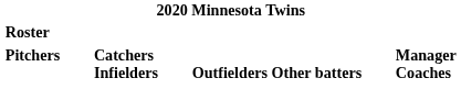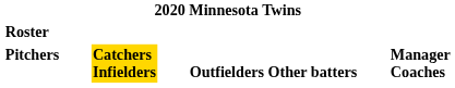 <table class="toccolours" style="font-size: 95%;">
 <tr>
 <th colspan="10">2020 Minnesota Twins</th>
 </tr>
 <tr>
 <td colspan="10"><strong>Roster</strong></td>
 </tr>
 <tr>
 <td valign="top"><strong>Pitchers</strong><br>                      </td>
 <td style="width:25px;"></td>
-<td valign="top"><strong>Catchers</strong><br>    <strong>Infielders</strong>        </td>
+<td valign="top" style="background: gold;"><strong>Catchers</strong><br>    <strong>Infielders</strong>        </td>
 <td style="width:25px;"></td>
 <td valign="top"><br><strong>Outfielders</strong>        <strong>Other batters</strong> </td>
 <td style="width:25px;"></td>
 <td valign="top"><strong>Manager</strong><br> <strong>Coaches</strong>                           </td>
 </tr>
 </table>
